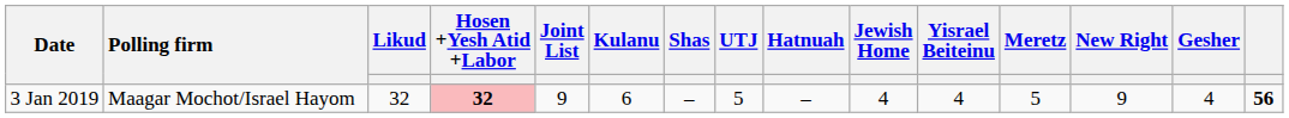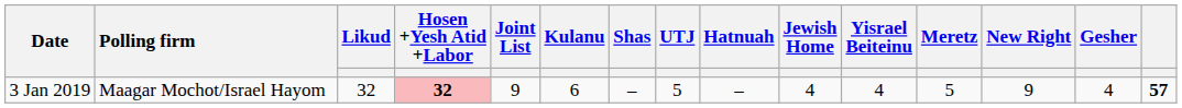 <table class="wikitable" style="text-align:center; font-size:90%; line-height:14px;">
 <tr>
 <th rowspan="2">Date</th>
 <th style="width:180px;text-align:left;" rowspan="2">Polling firm</th>
 <th><a href='#'>Likud</a></th>
 <th><a href='#'>Hosen</a><br>+<a href='#'>Yesh Atid</a><br>+<a href='#'>Labor</a></th>
 <th><a href='#'>Joint<br>List</a></th>
 <th><a href='#'>Kulanu</a></th>
 <th><a href='#'>Shas</a></th>
 <th><a href='#'>UTJ</a></th>
 <th><a href='#'>Hatnuah</a></th>
 <th><a href='#'>Jewish<br>Home</a></th>
 <th><a href='#'>Yisrael<br>Beiteinu</a></th>
 <th><a href='#'>Meretz</a></th>
 <th><a href='#'>New Right</a></th>
 <th><a href='#'>Gesher</a></th>
 <th style="width:20px;"></th>
 </tr>
 <tr>
 <th style="color:inherit;background:"></th>
 <th style="color:inherit;background:"></th>
 <th style="color:inherit;background:"></th>
 <th style="color:inherit;background:"></th>
 <th style="color:inherit;background:"></th>
 <th style="color:inherit;background:"></th>
 <th style="color:inherit;background:"></th>
 <th style="color:inherit;background:"></th>
 <th style="color:inherit;background:"></th>
 <th style="color:inherit;background:"></th>
 <th style="color:inherit;background:"></th>
 <th style="color:inherit;background:"></th>
 <th style="color:inherit;background:"></th>
 </tr>
 <tr>
 <td>3 Jan 2019</td>
 <td style="text-align:left;">Maagar Mochot/Israel Hayom</td>
 <td>32					</td>
 <td style="background:#FABABD;"><strong>32</strong>	</td>
 <td>9					</td>
 <td>6					</td>
 <td>–					</td>
 <td>5					</td>
 <td>–					</td>
 <td>4					</td>
 <td>4					</td>
 <td>5					</td>
 <td>9					</td>
 <td>4					</td>
-<td><strong>56</strong>				</td>
+<td><strong>57</strong>				</td>
 </tr>
 </table>
